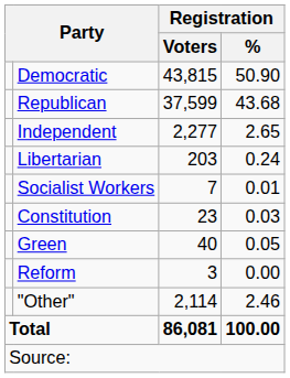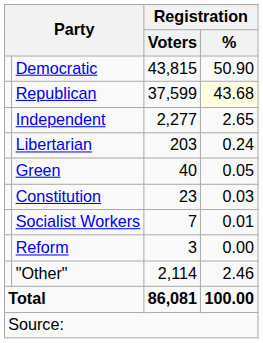 <table class="wikitable">
 <tr>
 <th colspan="2" rowspan="2">Party</th>
 <th colspan="2">Registration</th>
 </tr>
 <tr>
 <th>Voters</th>
 <th>%</th>
 </tr>
 <tr>
 <td style="background-color:"></td>
 <td><a href='#'>Democratic</a></td>
 <td style="text-align:right;">43,815</td>
 <td style="text-align:right;">50.90</td>
 </tr>
 <tr>
 <td style="background-color:"></td>
 <td><a href='#'>Republican</a></td>
 <td style="text-align:right;">37,599</td>
-<td style="text-align:right;">43.68</td>
+<td style="background: lightyellow; text-align:right;">43.68</td>
 </tr>
 <tr>
 <td style="background-color:"></td>
 <td><a href='#'>Independent</a></td>
 <td style="text-align:right;">2,277</td>
 <td style="text-align:right;">2.65</td>
 </tr>
 <tr>
 <td style="background-color:"></td>
 <td><a href='#'>Libertarian</a></td>
 <td style="text-align:right;">203</td>
 <td style="text-align:right;">0.24</td>
 </tr>
 <tr>
 <td style="background-color:"></td>
-<td><a href='#'>Socialist Workers</a></td>
-<td style="text-align:right;">7</td>
-<td style="text-align:right;">0.01</td>
+<td><a href='#'>Green</a></td>
+<td style="text-align:right;">40</td>
+<td style="text-align:right;">0.05</td>
 </tr>
 <tr>
 <td style="background-color:"></td>
 <td><a href='#'>Constitution</a></td>
 <td style="text-align:right;">23</td>
 <td style="text-align:right;">0.03</td>
 </tr>
 <tr>
 <td style="background-color:"></td>
-<td><a href='#'>Green</a></td>
-<td style="text-align:right;">40</td>
-<td style="text-align:right;">0.05</td>
+<td><a href='#'>Socialist Workers</a></td>
+<td style="text-align:right;">7</td>
+<td style="text-align:right;">0.01</td>
 </tr>
 <tr>
 <td style="background-color:"></td>
 <td><a href='#'>Reform</a></td>
 <td style="text-align:right;">3</td>
 <td style="text-align:right;">0.00</td>
 </tr>
 <tr>
 <td></td>
 <td>"Other"</td>
 <td style="text-align:right;">2,114</td>
 <td style="text-align:right;">2.46</td>
 </tr>
 <tr>
 <td colspan="2"><strong>Total</strong></td>
 <td style="text-align:right;"><strong>86,081</strong></td>
 <td style="text-align:right;"><strong>100.00</strong></td>
 </tr>
 <tr>
 <td colspan="4">Source: <em></em></td>
 </tr>
 </table>
